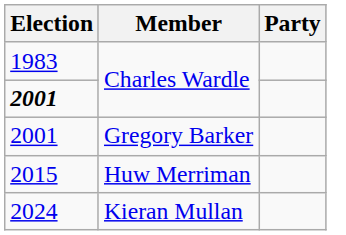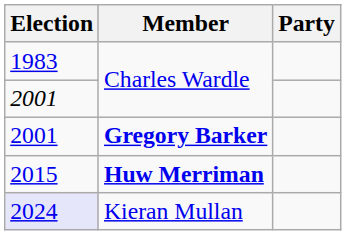 <table class="wikitable">
 <tr>
 <th>Election</th>
 <th>Member</th>
 <th colspan="2">Party</th>
 </tr>
 <tr>
 <td><a href='#'>1983</a></td>
 <td rowspan="2"><a href='#'>Charles Wardle</a></td>
 <td></td>
 </tr>
 <tr>
-<td><strong><em>2001</em></strong></td>
+<td><em>2001</em></td>
 <td></td>
 </tr>
 <tr>
 <td><a href='#'>2001</a></td>
-<td><a href='#'>Gregory Barker</a></td>
+<td><strong><a href='#'>Gregory Barker</a></strong></td>
 <td></td>
 </tr>
 <tr>
 <td><a href='#'>2015</a></td>
-<td><a href='#'>Huw Merriman</a></td>
+<td><strong><a href='#'>Huw Merriman</a></strong></td>
 <td></td>
 </tr>
 <tr>
-<td><a href='#'>2024</a></td>
+<td style="background: lavender;"><a href='#'>2024</a></td>
 <td><a href='#'>Kieran Mullan</a></td>
 <td></td>
 </tr>
 </table>
